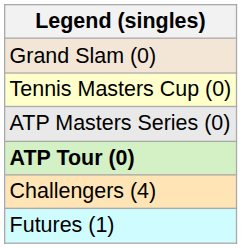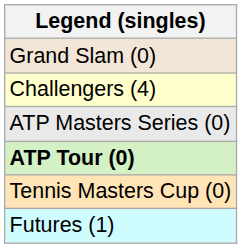 <table class="wikitable">
 <tr>
 <th>Legend (singles)</th>
 </tr>
 <tr bgcolor="#f3e6d7">
 <td>Grand Slam (0)</td>
 </tr>
 <tr bgcolor="ffffcc">
-<td>Tennis Masters Cup (0)</td>
+<td>Challengers (4)</td>
 </tr>
 <tr bgcolor="#e9e9e9">
 <td>ATP Masters Series (0)</td>
 </tr>
 <tr bgcolor="#d4f1c5">
 <td><strong>ATP Tour (0)</strong></td>
 </tr>
 <tr bgcolor="moccasin">
-<td>Challengers (4)</td>
+<td>Tennis Masters Cup (0)</td>
 </tr>
 <tr bgcolor="CFFCFF">
 <td>Futures (1)</td>
 </tr>
 </table>
